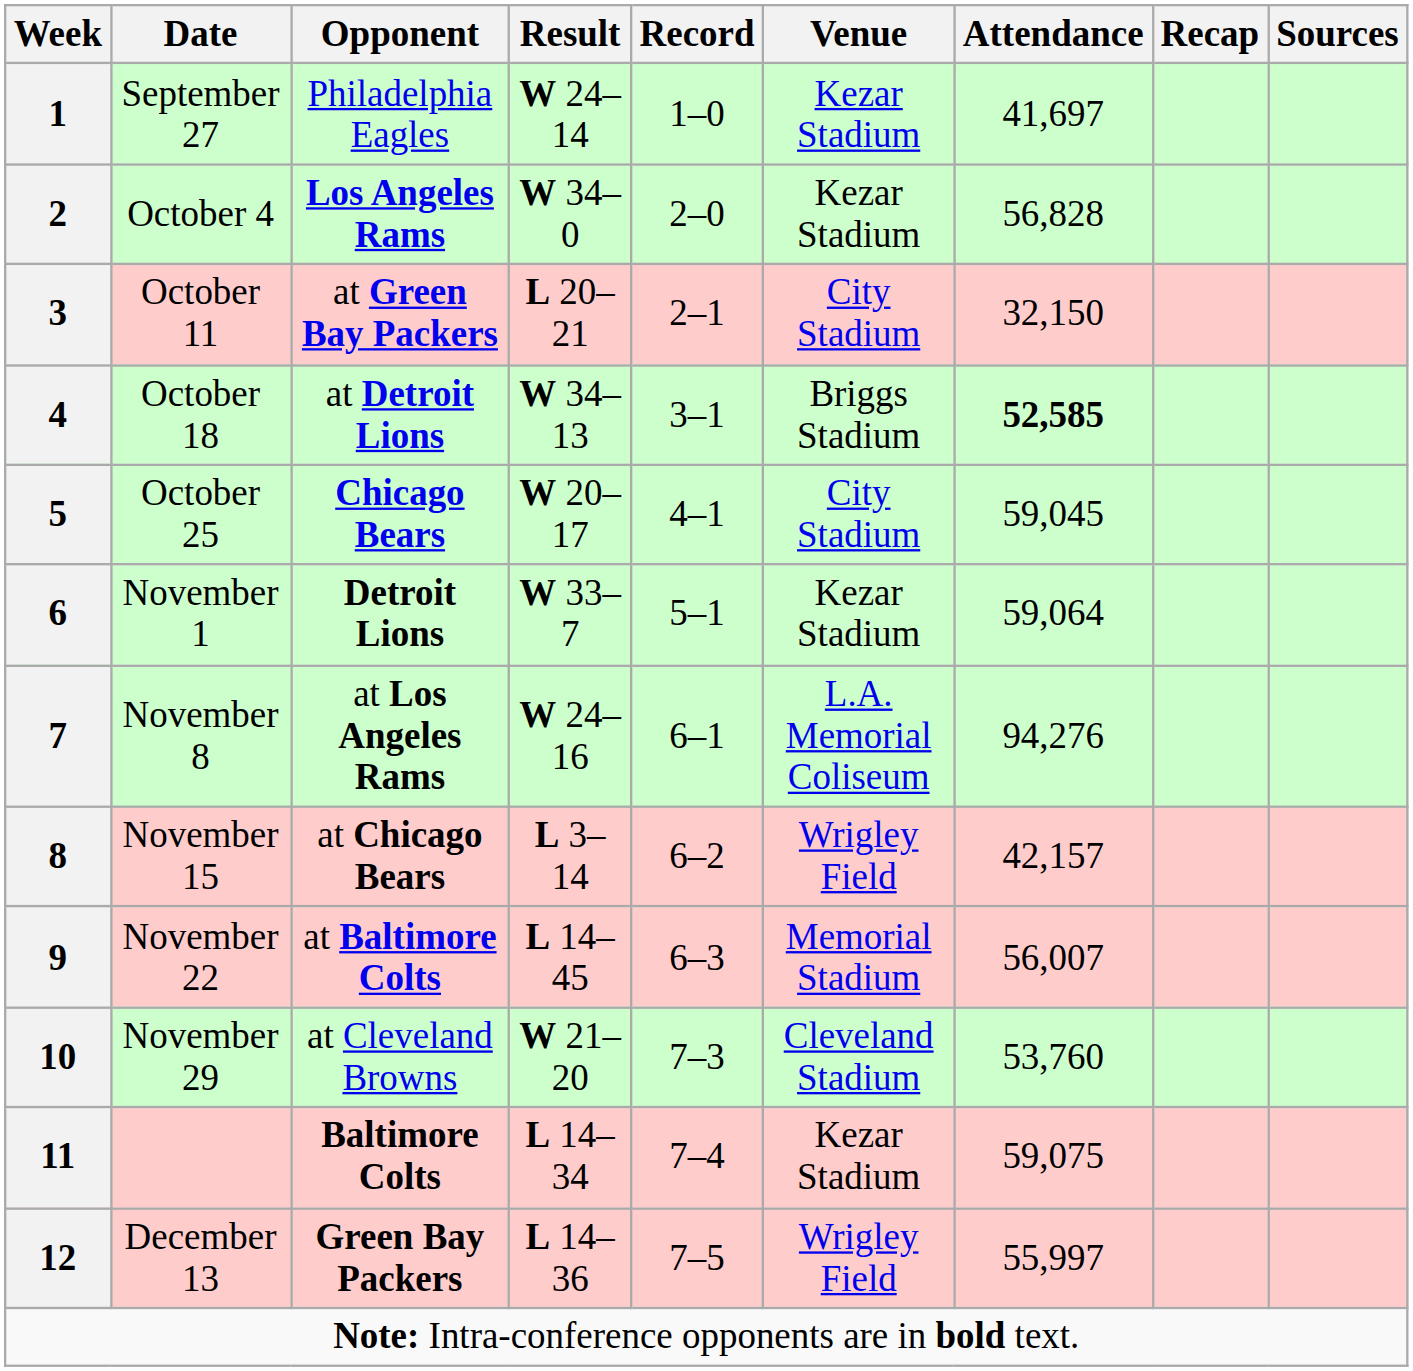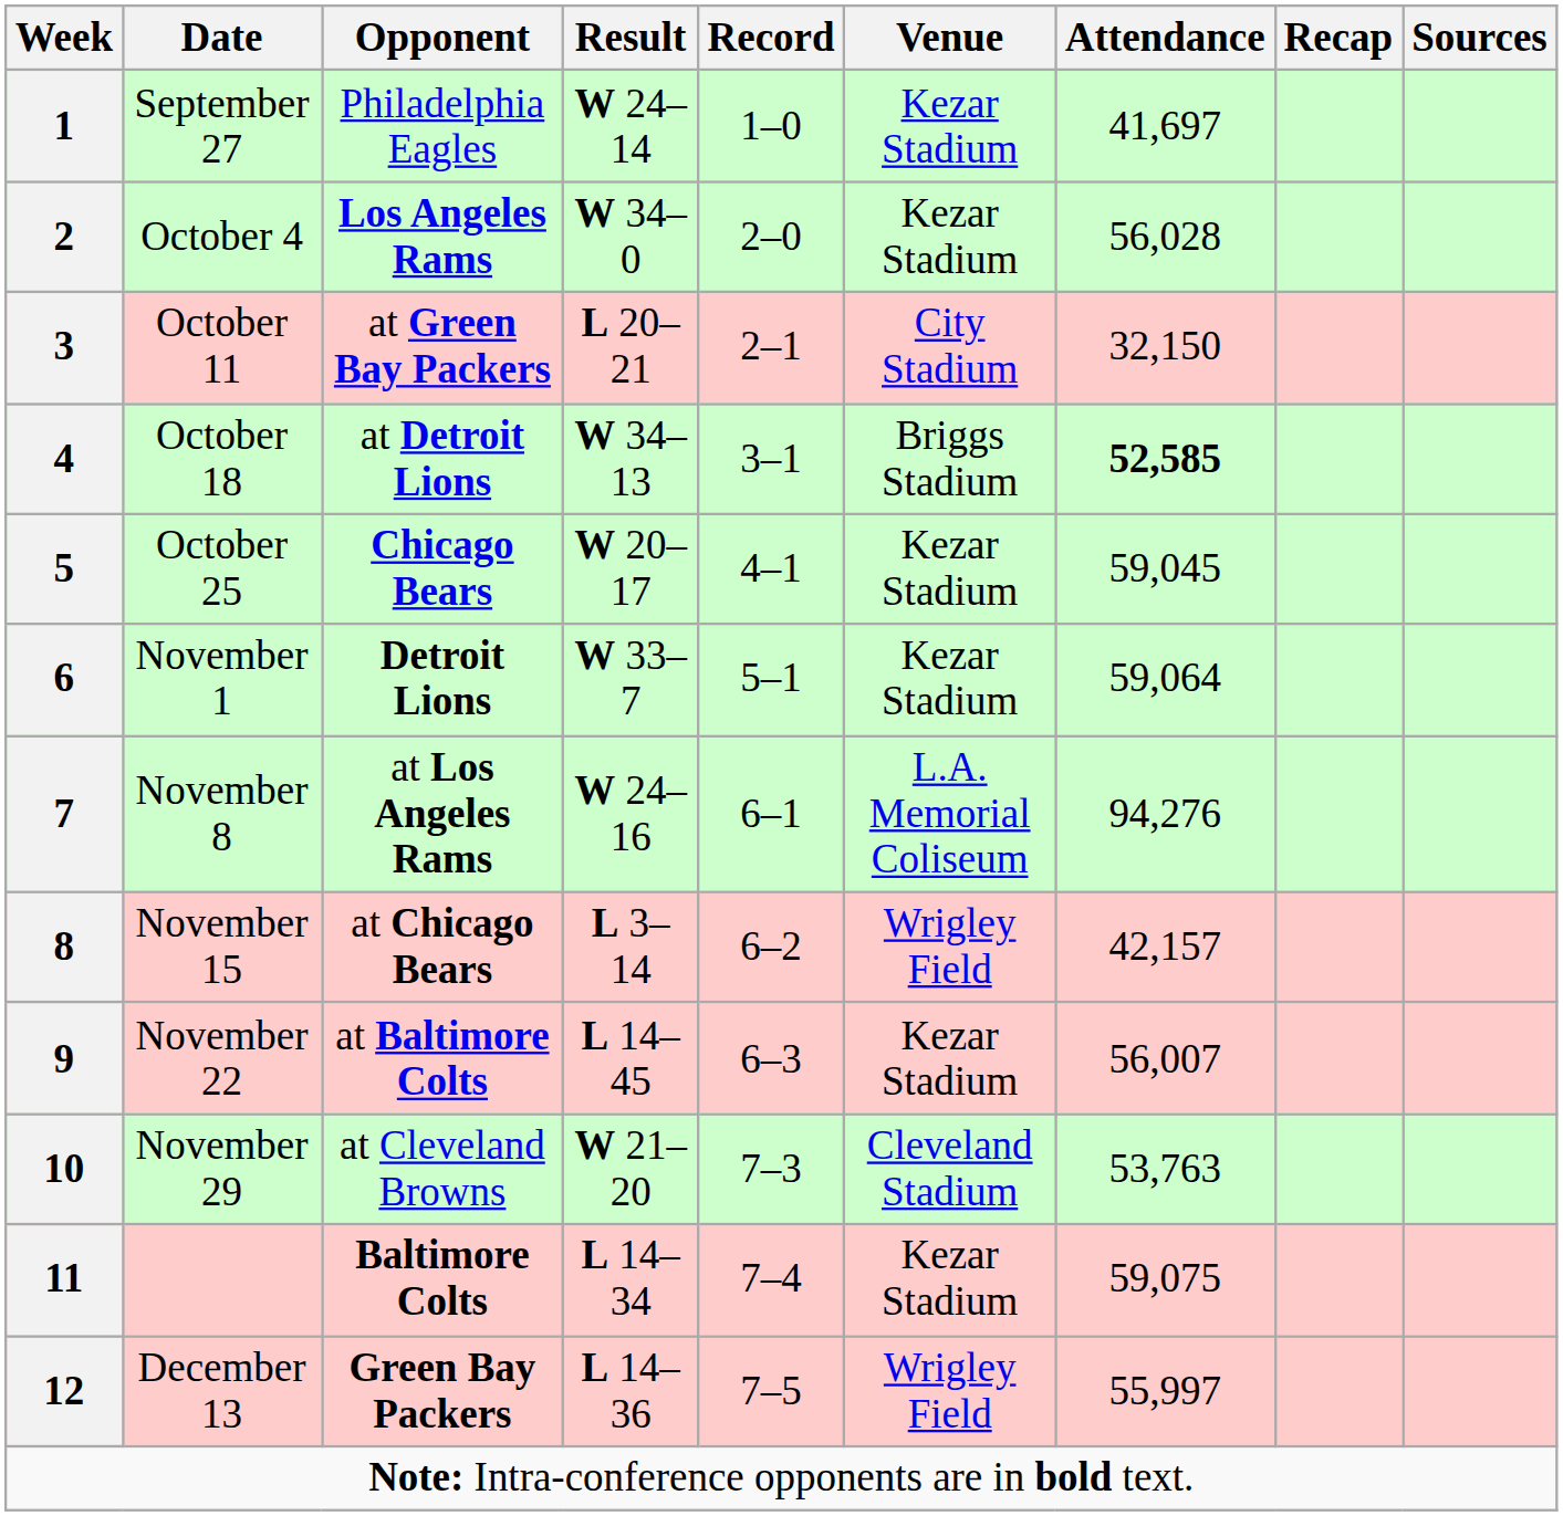 <table class="wikitable" style="text-align:center">
 <tr>
 <th>Week</th>
 <th>Date</th>
 <th>Opponent</th>
 <th>Result</th>
 <th>Record</th>
 <th>Venue</th>
 <th>Attendance</th>
 <th>Recap</th>
 <th>Sources</th>
 </tr>
 <tr style="background:#cfc">
 <th>1</th>
 <td>September 27</td>
 <td><a href='#'>Philadelphia Eagles</a></td>
 <td><strong>W</strong> 24–14</td>
 <td>1–0</td>
 <td><a href='#'>Kezar Stadium</a></td>
 <td>41,697</td>
 <td></td>
 <td></td>
 </tr>
 <tr style="background:#cfc">
 <th>2</th>
 <td>October 4</td>
 <td><strong><a href='#'>Los Angeles Rams</a></strong></td>
 <td><strong>W</strong> 34–0</td>
 <td>2–0</td>
 <td>Kezar Stadium</td>
-<td>56,828</td>
+<td>56,028</td>
 <td></td>
 <td></td>
 </tr>
 <tr style="background:#fcc">
 <th>3</th>
 <td>October 11</td>
 <td>at <strong><a href='#'>Green Bay Packers</a></strong></td>
 <td><strong>L</strong> 20–21</td>
 <td>2–1</td>
 <td><a href='#'>City Stadium</a></td>
 <td>32,150</td>
 <td></td>
 <td></td>
 </tr>
 <tr style="background:#cfc">
 <th>4</th>
 <td>October 18</td>
 <td>at <strong><a href='#'>Detroit Lions</a></strong></td>
 <td><strong>W</strong> 34–13</td>
 <td>3–1</td>
 <td>Briggs Stadium</td>
 <td><strong>52,585</strong></td>
 <td></td>
 <td></td>
 </tr>
 <tr style="background:#cfc">
 <th>5</th>
 <td>October 25</td>
 <td><strong><a href='#'>Chicago Bears</a></strong></td>
 <td><strong>W</strong> 20–17</td>
 <td>4–1</td>
-<td><a href='#'>City Stadium</a></td>
+<td>Kezar Stadium</td>
 <td>59,045</td>
 <td></td>
 <td></td>
 </tr>
 <tr style="background:#cfc">
 <th>6</th>
 <td>November 1</td>
 <td><strong>Detroit Lions</strong></td>
 <td><strong>W</strong> 33–7</td>
 <td>5–1</td>
 <td>Kezar Stadium</td>
 <td>59,064</td>
 <td></td>
 <td></td>
 </tr>
 <tr style="background:#cfc">
 <th>7</th>
 <td>November 8</td>
 <td>at <strong>Los Angeles Rams</strong></td>
 <td><strong>W</strong> 24–16</td>
 <td>6–1</td>
 <td><a href='#'>L.A. Memorial Coliseum</a></td>
 <td>94,276</td>
 <td></td>
 <td></td>
 </tr>
 <tr style="background:#fcc">
 <th>8</th>
 <td>November 15</td>
 <td>at <strong>Chicago Bears</strong></td>
 <td><strong>L</strong> 3–14</td>
 <td>6–2</td>
 <td><a href='#'>Wrigley Field</a></td>
 <td>42,157</td>
 <td></td>
 <td></td>
 </tr>
 <tr style="background:#fcc">
 <th>9</th>
 <td>November 22</td>
 <td>at <strong><a href='#'>Baltimore Colts</a></strong></td>
 <td><strong>L</strong> 14–45</td>
 <td>6–3</td>
-<td><a href='#'>Memorial Stadium</a></td>
+<td>Kezar Stadium</td>
 <td>56,007</td>
 <td></td>
 <td></td>
 </tr>
 <tr style="background:#cfc">
 <th>10</th>
 <td>November 29</td>
 <td>at <a href='#'>Cleveland Browns</a></td>
 <td><strong>W</strong> 21–20</td>
 <td>7–3</td>
 <td><a href='#'>Cleveland Stadium</a></td>
-<td>53,760</td>
+<td>53,763</td>
 <td></td>
 <td></td>
 </tr>
 <tr style="background:#fcc">
 <th>11</th>
 <td></td>
 <td><strong>Baltimore Colts</strong></td>
 <td><strong>L</strong> 14–34</td>
 <td>7–4</td>
 <td>Kezar Stadium</td>
 <td>59,075</td>
 <td></td>
 <td></td>
 </tr>
 <tr style="background:#fcc">
 <th>12</th>
 <td>December 13</td>
 <td><strong>Green Bay Packers</strong></td>
 <td><strong>L</strong> 14–36</td>
 <td>7–5</td>
 <td><a href='#'>Wrigley Field</a></td>
 <td>55,997</td>
 <td></td>
 <td></td>
 </tr>
 <tr>
 <td colspan="10"><strong>Note:</strong> Intra-conference opponents are in <strong>bold</strong> text.</td>
 </tr>
 </table>
